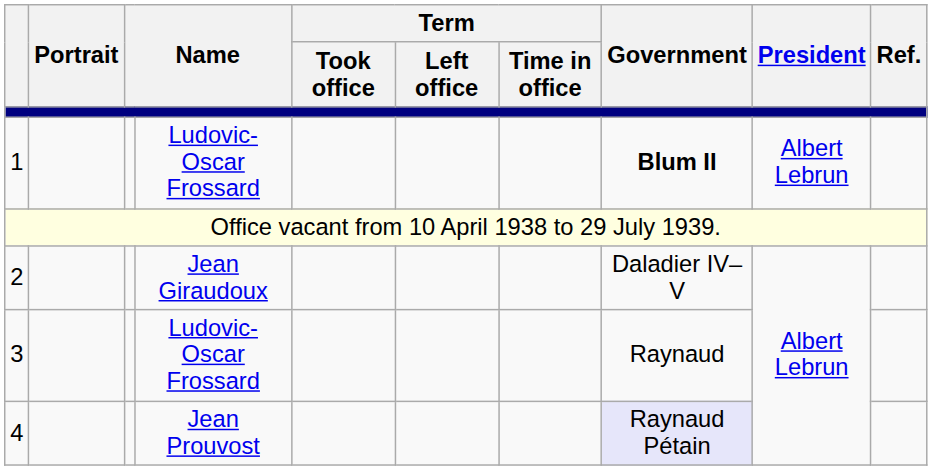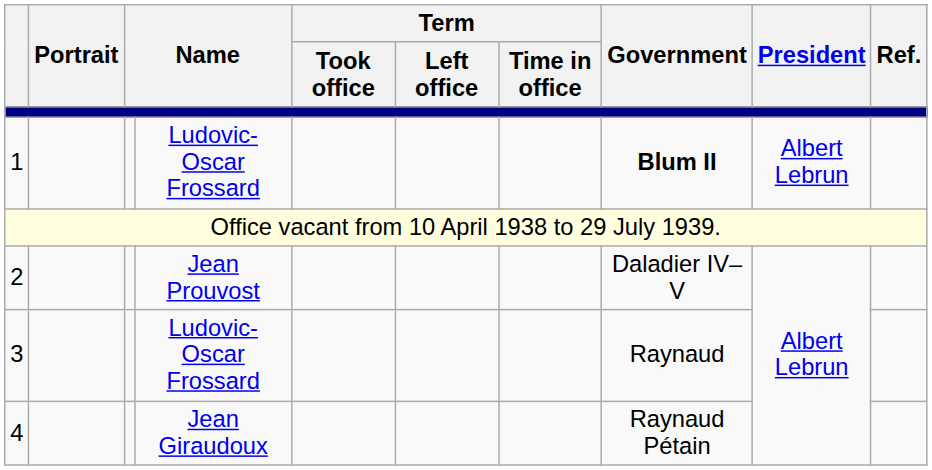 <table class="wikitable" style="text-align:center; width:100%">
 <tr>
 <th style="width:2%" rowspan=2></th>
 <th style="width:5%" rowspan=2>Portrait</th>
 <th style="width:20%" rowspan=2, colspan=2>Name</th>
 <th colspan=3>Term</th>
 <th style="width:13%" rowspan=2>Government</th>
 <th rowspan=2><a href='#'>President</a></th>
 <th style="width:2%" rowspan=2>Ref.</th>
 </tr>
 <tr>
 <th style="width:13%">Took office</th>
 <th style="width:13%">Left office</th>
 <th style="width:13%">Time in office</th>
 </tr>
 <tr bgcolor="navy">
 <td colspan=10></td>
 </tr>
 <tr>
 <td>1</td>
 <td></td>
 <td style="background:"></td>
 <td><a href='#'>Ludovic-Oscar Frossard</a></td>
 <td></td>
 <td></td>
 <td></td>
 <td><strong>Blum II</strong></td>
 <td><a href='#'>Albert Lebrun</a></td>
 <td></td>
 </tr>
 <tr bgcolor="lightyellow">
 <td colspan=10>Office vacant from 10 April 1938 to 29 July 1939.</td>
 </tr>
 <tr>
 <td>2</td>
 <td></td>
 <td style="background:"></td>
-<td><a href='#'>Jean Giraudoux</a></td>
+<td><a href='#'>Jean Prouvost</a></td>
 <td></td>
 <td></td>
 <td></td>
 <td>Daladier IV–V</td>
 <td rowspan=3><a href='#'>Albert Lebrun</a></td>
 <td></td>
 </tr>
 <tr>
 <td>3</td>
 <td></td>
 <td style="background:"></td>
 <td><a href='#'>Ludovic-Oscar Frossard</a></td>
 <td></td>
 <td></td>
 <td></td>
 <td>Raynaud</td>
 <td></td>
 </tr>
 <tr>
 <td>4</td>
 <td></td>
 <td style="background:"></td>
-<td><a href='#'>Jean Prouvost</a></td>
+<td><a href='#'>Jean Giraudoux</a></td>
 <td></td>
 <td></td>
 <td></td>
-<td style="background: lavender;">Raynaud<br>Pétain</td>
+<td>Raynaud<br>Pétain</td>
 <td></td>
 </tr>
 </table>
